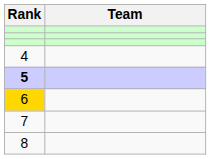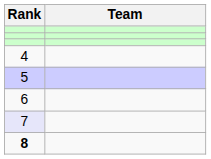 <table class=wikitable style="text-align:center;">
 <tr>
 <th>Rank</th>
 <th width=180>Team</th>
 </tr>
 <tr bgcolor=#CCFFCC>
 <td></td>
 <td align=left></td>
 </tr>
 <tr bgcolor=#CCFFCC>
 <td></td>
 <td align=left></td>
 </tr>
 <tr bgcolor=#CCFFCC>
 <td></td>
 <td align=left></td>
 </tr>
 <tr>
 <td>4</td>
 <td align=left></td>
 </tr>
 <tr bgcolor=ccccff>
-<td><strong>5</strong></td>
+<td>5</td>
 <td align=left></td>
 </tr>
 <tr>
-<td style="background: gold;">6</td>
+<td>6</td>
 <td align=left></td>
 </tr>
 <tr>
-<td>7</td>
+<td style="background: lavender;">7</td>
 <td align=left></td>
 </tr>
 <tr>
-<td>8</td>
+<td><strong>8</strong></td>
 <td align=left></td>
 </tr>
 </table>
